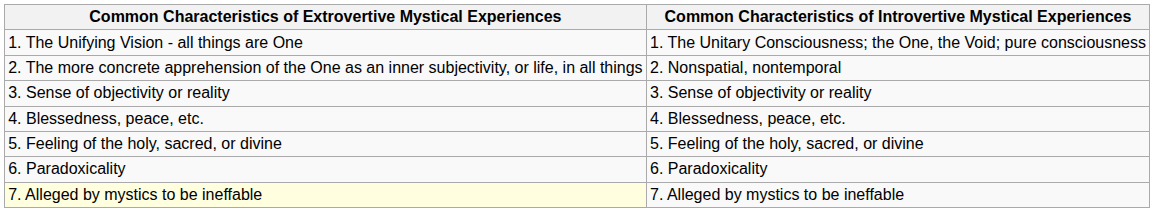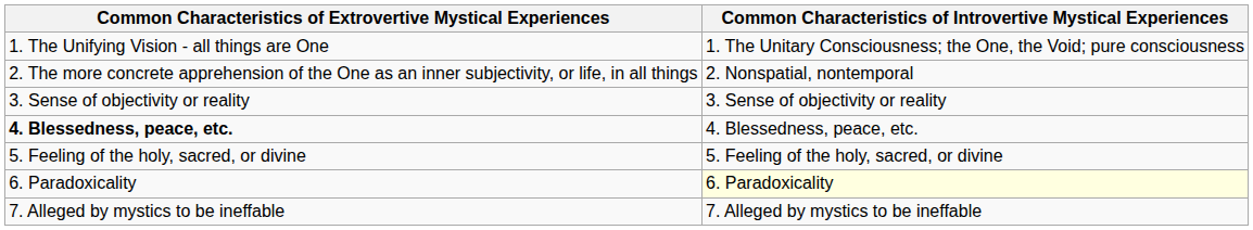 <table class="wikitable">
 <tr>
 <th>Common Characteristics of Extrovertive Mystical Experiences</th>
 <th>Common Characteristics of Introvertive Mystical Experiences</th>
 </tr>
 <tr>
 <td>1. The Unifying Vision - all things are One</td>
 <td>1. The Unitary Consciousness; the One, the Void; pure consciousness</td>
 </tr>
 <tr>
 <td>2. The more concrete apprehension of the One as an inner subjectivity, or life, in all things</td>
 <td>2. Nonspatial, nontemporal</td>
 </tr>
 <tr>
 <td>3. Sense of objectivity or reality</td>
 <td>3. Sense of objectivity or reality</td>
 </tr>
 <tr>
-<td>4. Blessedness, peace, etc.</td>
+<td><strong>4. Blessedness, peace, etc.</strong></td>
 <td>4. Blessedness, peace, etc.</td>
 </tr>
 <tr>
 <td>5. Feeling of the holy, sacred, or divine</td>
 <td>5. Feeling of the holy, sacred, or divine</td>
 </tr>
 <tr>
 <td>6. Paradoxicality</td>
-<td>6. Paradoxicality</td>
+<td style="background: lightyellow;">6. Paradoxicality</td>
 </tr>
 <tr>
-<td style="background: lightyellow;">7. Alleged by mystics to be ineffable</td>
+<td>7. Alleged by mystics to be ineffable</td>
 <td>7. Alleged by mystics to be ineffable</td>
 </tr>
 </table>
